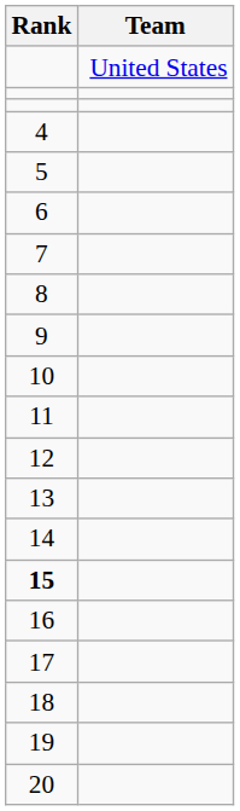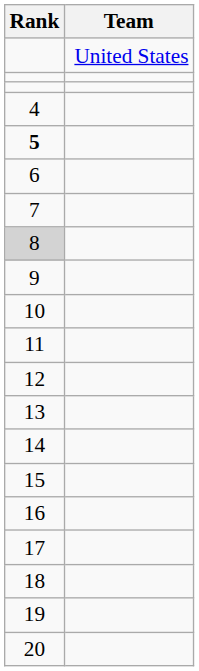 <table class="wikitable sortable" style="text-align:center;">
 <tr>
 <th>Rank</th>
 <th>Team</th>
 </tr>
 <tr>
 <td></td>
 <td align=left> <a href='#'>United States</a></td>
 </tr>
 <tr>
 <td></td>
 <td align=left></td>
 </tr>
 <tr>
 <td></td>
 <td align=left></td>
 </tr>
 <tr>
 <td>4</td>
 <td align=left></td>
 </tr>
 <tr>
-<td>5</td>
+<td><strong>5</strong></td>
 <td align=left></td>
 </tr>
 <tr>
 <td>6</td>
 <td align=left></td>
 </tr>
 <tr>
 <td>7</td>
 <td align=left></td>
 </tr>
 <tr>
-<td>8</td>
+<td style="background: lightgrey;">8</td>
 <td align=left></td>
 </tr>
 <tr>
 <td>9</td>
 <td align=left></td>
 </tr>
 <tr>
 <td>10</td>
 <td align=left></td>
 </tr>
 <tr>
 <td>11</td>
 <td align=left></td>
 </tr>
 <tr>
 <td>12</td>
 <td align=left></td>
 </tr>
 <tr>
 <td>13</td>
 <td align=left></td>
 </tr>
 <tr>
 <td>14</td>
 <td align=left></td>
 </tr>
 <tr>
-<td><strong>15</strong></td>
+<td>15</td>
 <td align=left></td>
 </tr>
 <tr>
 <td>16</td>
 <td align=left></td>
 </tr>
 <tr>
 <td>17</td>
 <td align=left></td>
 </tr>
 <tr>
 <td>18</td>
 <td align=left></td>
 </tr>
 <tr>
 <td>19</td>
 <td align=left></td>
 </tr>
 <tr>
 <td>20</td>
 <td align=left></td>
 </tr>
 </table>
